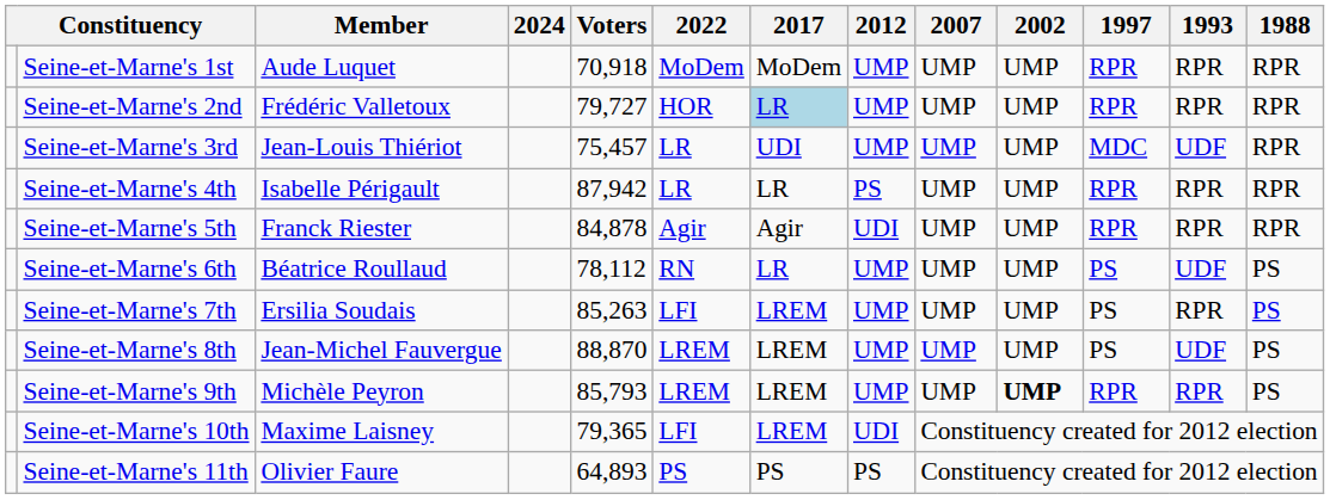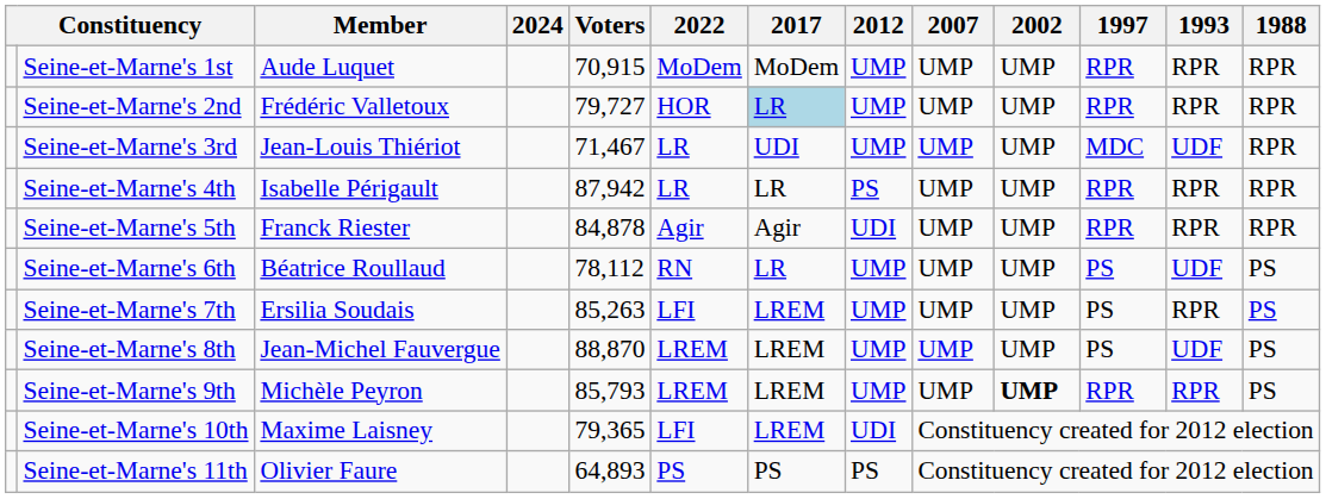 <table class="wikitable sortable">
 <tr>
 <th colspan="2">Constituency</th>
 <th>Member</th>
 <th>2024</th>
 <th>Voters</th>
 <th>2022</th>
 <th>2017</th>
 <th>2012</th>
 <th>2007</th>
 <th>2002</th>
 <th>1997</th>
 <th>1993</th>
 <th>1988</th>
 </tr>
 <tr>
 <td style="background-color: "></td>
 <td><a href='#'>Seine-et-Marne's 1st</a></td>
 <td><a href='#'>Aude Luquet</a></td>
 <td></td>
-<td>70,918</td>
+<td>70,915</td>
 <td><a href='#'>MoDem</a></td>
 <td>MoDem</td>
 <td><a href='#'>UMP</a></td>
 <td>UMP</td>
 <td>UMP</td>
 <td><a href='#'>RPR</a></td>
 <td>RPR</td>
 <td>RPR</td>
 </tr>
 <tr>
 <td style="background-color: "></td>
 <td><a href='#'>Seine-et-Marne's 2nd</a></td>
 <td><a href='#'>Frédéric Valletoux</a></td>
 <td></td>
 <td>79,727</td>
 <td><a href='#'>HOR</a></td>
 <td style="background: lightblue;"><a href='#'>LR</a></td>
 <td><a href='#'>UMP</a></td>
 <td>UMP</td>
 <td>UMP</td>
 <td><a href='#'>RPR</a></td>
 <td>RPR</td>
 <td>RPR</td>
 </tr>
 <tr>
 <td style="background-color: "></td>
 <td><a href='#'>Seine-et-Marne's 3rd</a></td>
 <td><a href='#'>Jean-Louis Thiériot</a></td>
 <td></td>
-<td>75,457</td>
+<td>71,467</td>
 <td><a href='#'>LR</a></td>
 <td><a href='#'>UDI</a></td>
 <td><a href='#'>UMP</a></td>
 <td><a href='#'>UMP</a></td>
 <td>UMP</td>
 <td><a href='#'>MDC</a></td>
 <td><a href='#'>UDF</a></td>
 <td>RPR</td>
 </tr>
 <tr>
 <td style="background-color: "></td>
 <td><a href='#'>Seine-et-Marne's 4th</a></td>
 <td><a href='#'>Isabelle Périgault</a></td>
 <td></td>
 <td>87,942</td>
 <td><a href='#'>LR</a></td>
 <td>LR</td>
 <td><a href='#'>PS</a></td>
 <td>UMP</td>
 <td>UMP</td>
 <td><a href='#'>RPR</a></td>
 <td>RPR</td>
 <td>RPR</td>
 </tr>
 <tr>
 <td style="background-color: "></td>
 <td><a href='#'>Seine-et-Marne's 5th</a></td>
 <td><a href='#'>Franck Riester</a></td>
 <td></td>
 <td>84,878</td>
 <td><a href='#'>Agir</a></td>
 <td>Agir</td>
 <td><a href='#'>UDI</a></td>
 <td>UMP</td>
 <td>UMP</td>
 <td><a href='#'>RPR</a></td>
 <td>RPR</td>
 <td>RPR</td>
 </tr>
 <tr>
 <td style="background-color: "></td>
 <td><a href='#'>Seine-et-Marne's 6th</a></td>
 <td><a href='#'>Béatrice Roullaud</a></td>
 <td></td>
 <td>78,112</td>
 <td><a href='#'>RN</a></td>
 <td><a href='#'>LR</a></td>
 <td><a href='#'>UMP</a></td>
 <td>UMP</td>
 <td>UMP</td>
 <td><a href='#'>PS</a></td>
 <td><a href='#'>UDF</a></td>
 <td>PS</td>
 </tr>
 <tr>
 <td style="background-color: "></td>
 <td><a href='#'>Seine-et-Marne's 7th</a></td>
 <td><a href='#'>Ersilia Soudais</a></td>
 <td></td>
 <td>85,263</td>
 <td><a href='#'>LFI</a></td>
 <td><a href='#'>LREM</a></td>
 <td><a href='#'>UMP</a></td>
 <td>UMP</td>
 <td>UMP</td>
 <td>PS</td>
 <td>RPR</td>
 <td><a href='#'>PS</a></td>
 </tr>
 <tr>
 <td style="background-color: "></td>
 <td><a href='#'>Seine-et-Marne's 8th</a></td>
 <td><a href='#'>Jean-Michel Fauvergue</a></td>
 <td></td>
 <td>88,870</td>
 <td><a href='#'>LREM</a></td>
 <td>LREM</td>
 <td><a href='#'>UMP</a></td>
 <td><a href='#'>UMP</a></td>
 <td>UMP</td>
 <td>PS</td>
 <td><a href='#'>UDF</a></td>
 <td>PS</td>
 </tr>
 <tr>
 <td style="background-color: "></td>
 <td><a href='#'>Seine-et-Marne's 9th</a></td>
 <td><a href='#'>Michèle Peyron</a></td>
 <td></td>
 <td>85,793</td>
 <td><a href='#'>LREM</a></td>
 <td>LREM</td>
 <td><a href='#'>UMP</a></td>
 <td>UMP</td>
 <td><strong>UMP</strong></td>
 <td><a href='#'>RPR</a></td>
 <td><a href='#'>RPR</a></td>
 <td>PS</td>
 </tr>
 <tr>
 <td style="background-color: "></td>
 <td><a href='#'>Seine-et-Marne's 10th</a></td>
 <td><a href='#'>Maxime Laisney</a></td>
 <td></td>
 <td>79,365</td>
 <td><a href='#'>LFI</a></td>
 <td><a href='#'>LREM</a></td>
 <td><a href='#'>UDI</a></td>
 <td colspan="5">Constituency created for 2012 election</td>
 </tr>
 <tr>
 <td style="background-color: "></td>
 <td><a href='#'>Seine-et-Marne's 11th</a></td>
 <td><a href='#'>Olivier Faure</a></td>
 <td></td>
 <td>64,893</td>
 <td><a href='#'>PS</a></td>
 <td>PS</td>
 <td>PS</td>
 <td colspan="5">Constituency created for 2012 election</td>
 </tr>
 </table>
